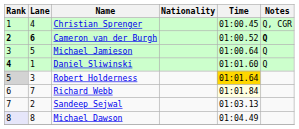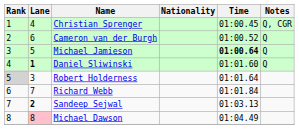 <table class="wikitable">
 <tr>
 <th>Rank</th>
 <th>Lane</th>
 <th>Name</th>
 <th>Nationality</th>
 <th>Time</th>
 <th>Notes</th>
 </tr>
 <tr bgcolor=ccffcc>
 <td>1</td>
 <td>4</td>
 <td><a href='#'>Christian Sprenger</a></td>
 <td></td>
 <td>01:00.45</td>
 <td>Q, CGR</td>
 </tr>
 <tr bgcolor=ccffcc>
-<td><strong>2</strong></td>
-<td><strong>6</strong></td>
+<td>2</td>
+<td>6</td>
 <td><a href='#'>Cameron van der Burgh</a></td>
 <td></td>
 <td>01:00.52</td>
-<td><strong>Q</strong></td>
+<td>Q</td>
 </tr>
 <tr bgcolor=ccffcc>
 <td>3</td>
 <td>5</td>
 <td><a href='#'>Michael Jamieson</a></td>
 <td></td>
-<td>01:00.64</td>
+<td><strong>01:00.64</strong></td>
 <td>Q</td>
 </tr>
 <tr bgcolor=ccffcc>
-<td><strong>4</strong></td>
-<td>1</td>
+<td>4</td>
+<td><strong>1</strong></td>
 <td><a href='#'>Daniel Sliwinski</a></td>
 <td></td>
 <td>01:01.60</td>
 <td>Q</td>
 </tr>
 <tr>
 <td style="background: lightgrey;">5</td>
 <td>3</td>
 <td><a href='#'>Robert Holderness</a></td>
 <td></td>
-<td style="background: gold;">01:01.64</td>
+<td>01:01.64</td>
 <td></td>
 </tr>
 <tr>
 <td>6</td>
 <td>7</td>
 <td><a href='#'>Richard Webb</a></td>
 <td></td>
-<td style="background: lightyellow;">01:01.84</td>
+<td>01:01.84</td>
 <td></td>
 </tr>
 <tr>
 <td>7</td>
-<td>2</td>
+<td><strong>2</strong></td>
 <td><a href='#'>Sandeep Sejwal</a></td>
 <td></td>
 <td>01:03.13</td>
 <td></td>
 </tr>
 <tr>
-<td style="background: lavender;">8</td>
 <td>8</td>
+<td style="background: pink;">8</td>
 <td><a href='#'>Michael Dawson</a></td>
 <td></td>
 <td>01:04.49</td>
 <td></td>
 </tr>
 <tr>
 </tr>
 </table>
